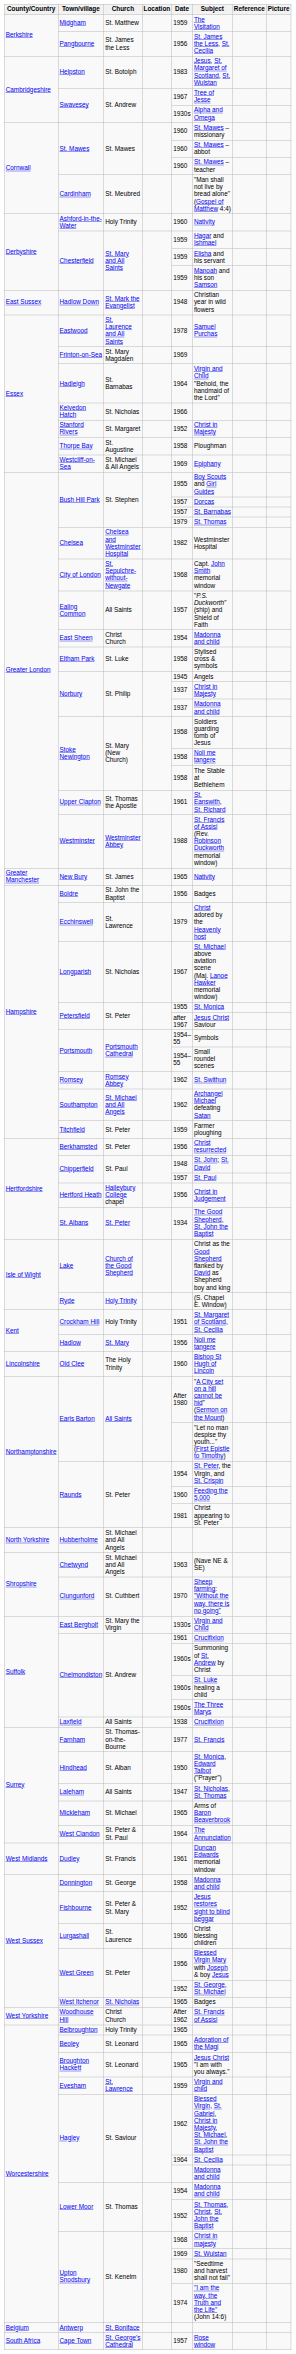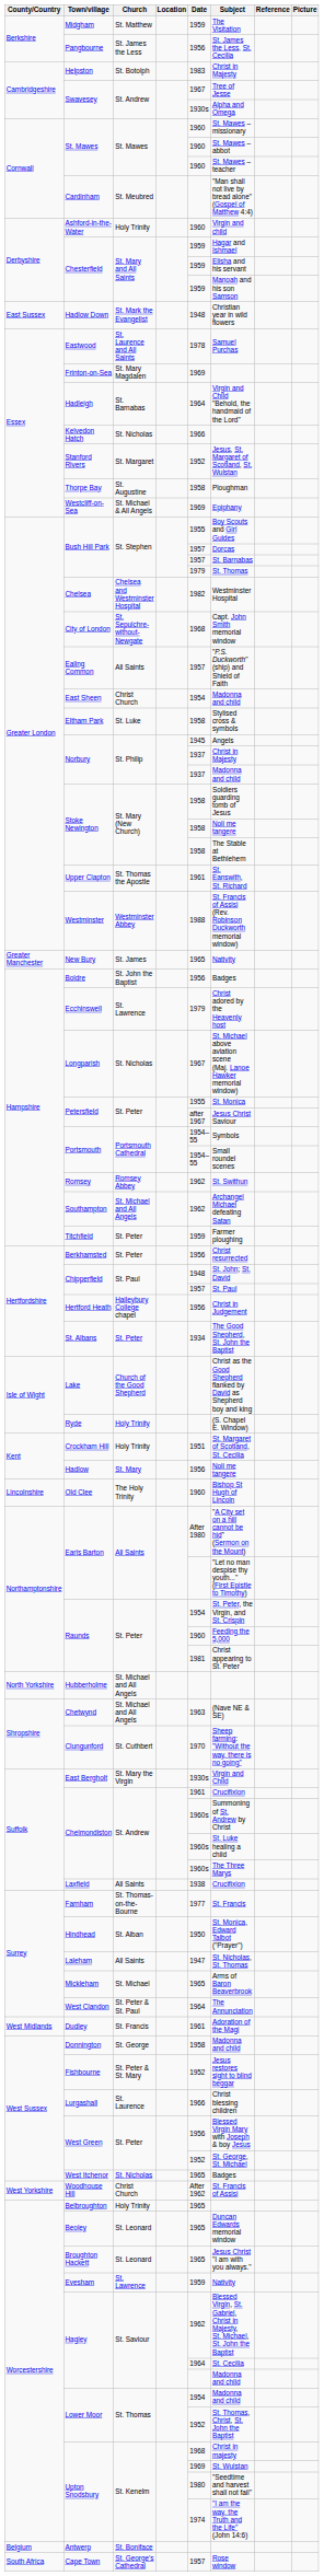 <table class="wikitable">
 <tr>
 <th>County/Country</th>
 <th>Town/village</th>
 <th>Church</th>
 <th>Location</th>
 <th>Date</th>
 <th>Subject</th>
 <th>Reference</th>
 <th>Picture</th>
 </tr>
 <tr>
 <td rowspan="2"><a href='#'>Berkshire</a></td>
 <td><a href='#'>Midgham</a></td>
 <td>St. Matthew</td>
 <td></td>
 <td>1959</td>
 <td><a href='#'>The Visitation</a></td>
 <td></td>
 <td></td>
 </tr>
 <tr>
 <td><a href='#'>Pangbourne</a></td>
 <td>St. James the Less</td>
 <td></td>
 <td>1956</td>
 <td><a href='#'>St. James the Less</a>, <a href='#'>St. Cecilia</a></td>
 <td></td>
 <td> </td>
 </tr>
 <tr>
 <td rowspan="3"><a href='#'>Cambridgeshire</a></td>
 <td><a href='#'>Helpston</a></td>
 <td>St. Botolph</td>
 <td></td>
 <td>1983</td>
-<td><a href='#'>Jesus</a>, <a href='#'>St. Margaret of Scotland</a>, <a href='#'>St. Wulstan</a></td>
+<td><a href='#'>Christ in Majesty</a></td>
 <td></td>
 <td></td>
 </tr>
 <tr>
 <td rowspan="2"><a href='#'>Swavesey</a></td>
 <td rowspan="2">St. Andrew</td>
 <td rowspan="2"></td>
 <td>1967</td>
 <td><a href='#'>Tree of Jesse</a></td>
 <td></td>
 <td></td>
 </tr>
 <tr>
 <td>1930s</td>
 <td><a href='#'>Alpha and Omega</a></td>
 <td></td>
 <td></td>
 </tr>
 <tr>
 <td rowspan="4"><a href='#'>Cornwall</a></td>
 <td rowspan="3"><a href='#'>St. Mawes</a></td>
 <td rowspan="3">St. Mawes</td>
 <td rowspan="3"></td>
 <td>1960</td>
 <td><a href='#'>St. Mawes</a> – missionary</td>
 <td></td>
 <td></td>
 </tr>
 <tr>
 <td>1960</td>
 <td><a href='#'>St. Mawes</a> – abbot</td>
 <td></td>
 <td></td>
 </tr>
 <tr>
 <td>1960</td>
 <td><a href='#'>St. Mawes</a> – teacher</td>
 <td></td>
 <td></td>
 </tr>
 <tr>
 <td><a href='#'>Cardinham</a></td>
 <td>St. Meubred</td>
 <td></td>
 <td></td>
 <td>"Man shall not live by bread alone"  (<a href='#'>Gospel of Matthew</a> 4:4)</td>
 <td></td>
 <td></td>
 </tr>
 <tr>
 <td rowspan="4"><a href='#'>Derbyshire</a></td>
 <td><a href='#'>Ashford-in-the-Water</a></td>
 <td>Holy Trinity</td>
 <td></td>
 <td>1960</td>
-<td><a href='#'>Nativity</a></td>
+<td><a href='#'>Virgin and child</a></td>
 <td></td>
 <td></td>
 </tr>
 <tr>
 <td rowspan="3"><a href='#'>Chesterfield</a></td>
 <td rowspan="3"><a href='#'>St. Mary and All Saints</a></td>
 <td rowspan="3"></td>
 <td>1959</td>
 <td><a href='#'>Hagar</a> and <a href='#'>Ishmael</a></td>
 <td></td>
 <td></td>
 </tr>
 <tr>
 <td>1959</td>
 <td><a href='#'>Elisha</a> and his servant</td>
 <td></td>
 <td></td>
 </tr>
 <tr>
 <td>1959</td>
 <td><a href='#'>Manoah</a> and his son <a href='#'>Samson</a></td>
 <td></td>
 <td></td>
 </tr>
 <tr>
 <td><a href='#'>East Sussex</a></td>
 <td><a href='#'>Hadlow Down</a></td>
 <td><a href='#'>St. Mark the Evangelist</a></td>
 <td></td>
 <td>1948</td>
 <td>Christian year in wild flowers</td>
 <td></td>
 <td></td>
 </tr>
 <tr>
 <td rowspan="7"><a href='#'>Essex</a></td>
 <td><a href='#'>Eastwood</a></td>
 <td><a href='#'>St. Laurence and All Saints</a></td>
 <td></td>
 <td>1978</td>
 <td><a href='#'>Samuel Purchas</a></td>
 <td></td>
 <td></td>
 </tr>
 <tr>
 <td><a href='#'>Frinton-on-Sea</a></td>
 <td>St. Mary Magdalen</td>
 <td></td>
 <td>1969</td>
 <td></td>
 <td></td>
 <td></td>
 </tr>
 <tr>
 <td><a href='#'>Hadleigh</a></td>
 <td>St. Barnabas</td>
 <td></td>
 <td>1964</td>
 <td><a href='#'>Virgin and Child</a> "Behold, the handmaid of the Lord"</td>
 <td></td>
 <td></td>
 </tr>
 <tr>
 <td><a href='#'>Kelvedon Hatch</a></td>
 <td>St. Nicholas</td>
 <td></td>
 <td>1966</td>
 <td></td>
 <td></td>
 <td></td>
 </tr>
 <tr>
 <td><a href='#'>Stanford Rivers</a></td>
 <td>St. Margaret</td>
 <td></td>
 <td>1952</td>
-<td><a href='#'>Christ in Majesty</a></td>
+<td><a href='#'>Jesus</a>, <a href='#'>St. Margaret of Scotland</a>, <a href='#'>St. Wulstan</a></td>
 <td></td>
 <td></td>
 </tr>
 <tr>
 <td><a href='#'>Thorpe Bay</a></td>
 <td>St. Augustine</td>
 <td></td>
 <td>1958</td>
 <td>Ploughman</td>
 <td></td>
 <td></td>
 </tr>
 <tr>
 <td><a href='#'>Westcliff-on-Sea</a></td>
 <td>St. Michael & All Angels</td>
 <td></td>
 <td>1969</td>
 <td><a href='#'>Epiphany</a></td>
 <td></td>
 <td></td>
 </tr>
 <tr>
 <td rowspan="17"><a href='#'>Greater London</a></td>
 <td rowspan="4"><a href='#'>Bush Hill Park</a></td>
 <td rowspan="4">St. Stephen</td>
 <td rowspan="4"></td>
 <td>1955</td>
 <td><a href='#'>Boy Scouts</a> and <a href='#'>Girl Guides</a></td>
 <td></td>
 <td></td>
 </tr>
 <tr>
 <td>1957</td>
 <td><a href='#'>Dorcas</a></td>
 <td></td>
 <td></td>
 </tr>
 <tr>
 <td>1957</td>
 <td><a href='#'>St. Barnabas</a></td>
 <td></td>
 <td></td>
 </tr>
 <tr>
 <td>1979</td>
 <td><a href='#'>St. Thomas</a></td>
 <td></td>
 <td></td>
 </tr>
 <tr>
 <td><a href='#'>Chelsea</a></td>
 <td><a href='#'>Chelsea and Westminster Hospital</a></td>
 <td></td>
 <td>1982</td>
 <td>Westminster Hospital</td>
 <td></td>
 <td></td>
 </tr>
 <tr>
 <td><a href='#'>City of London</a></td>
 <td><a href='#'>St. Sepulchre-without-Newgate</a></td>
 <td></td>
 <td>1968</td>
 <td>Capt. <a href='#'>John Smith</a> memorial window</td>
 <td></td>
 <td></td>
 </tr>
 <tr>
 <td><a href='#'>Ealing Common</a></td>
 <td>All Saints</td>
 <td></td>
 <td>1957</td>
 <td>"<em>P.S. Duckworth</em>" (ship) and Shield of Faith</td>
 <td></td>
 <td></td>
 </tr>
 <tr>
 <td><a href='#'>East Sheen</a></td>
 <td>Christ Church</td>
 <td></td>
 <td>1954</td>
 <td><a href='#'>Madonna and child</a></td>
 <td></td>
 <td></td>
 </tr>
 <tr>
 <td><a href='#'>Eltham Park</a></td>
 <td>St. Luke</td>
 <td></td>
 <td>1958</td>
 <td>Stylised cross & symbols</td>
 <td></td>
 <td></td>
 </tr>
 <tr>
 <td rowspan="3"><a href='#'>Norbury</a></td>
 <td rowspan="3">St. Philip</td>
 <td rowspan="3"></td>
 <td>1945</td>
 <td>Angels</td>
 <td></td>
 <td></td>
 </tr>
 <tr>
 <td>1937</td>
 <td><a href='#'>Christ in Majesty</a></td>
 <td></td>
 <td></td>
 </tr>
 <tr>
 <td>1937</td>
 <td><a href='#'>Madonna and child</a></td>
 <td></td>
 <td></td>
 </tr>
 <tr>
 <td rowspan="3"><a href='#'>Stoke Newington</a></td>
 <td rowspan="3">St. Mary (New Church)</td>
 <td rowspan="3"></td>
 <td>1958</td>
 <td>Soldiers guarding tomb of Jesus</td>
 <td></td>
 <td></td>
 </tr>
 <tr>
 <td>1958</td>
 <td><a href='#'>Noli me tangere</a></td>
 <td></td>
 <td></td>
 </tr>
 <tr>
 <td>1958</td>
 <td>The Stable at Bethlehem</td>
 <td></td>
 <td></td>
 </tr>
 <tr>
 <td><a href='#'>Upper Clapton</a></td>
 <td>St. Thomas the Apostle</td>
 <td></td>
 <td>1961</td>
 <td><a href='#'>St. Eanswith</a>, <a href='#'>St. Richard</a></td>
 <td></td>
 <td></td>
 </tr>
 <tr>
 <td><a href='#'>Westminster</a></td>
 <td><a href='#'>Westminster Abbey</a></td>
 <td></td>
 <td>1988</td>
 <td><a href='#'>St. Francis of Assisi</a><br>(Rev. <a href='#'>Robinson Duckworth</a> memorial window)</td>
 <td></td>
 <td></td>
 </tr>
 <tr>
 <td><a href='#'>Greater Manchester</a></td>
 <td><a href='#'>New Bury</a></td>
 <td>St. James</td>
 <td></td>
 <td>1965</td>
 <td><a href='#'>Nativity</a></td>
 <td></td>
 <td></td>
 </tr>
 <tr>
 <td rowspan="10"><a href='#'>Hampshire</a></td>
 <td><a href='#'>Boldre</a></td>
 <td>St. John the Baptist</td>
 <td></td>
 <td>1956</td>
 <td>Badges</td>
 <td></td>
 <td></td>
 </tr>
 <tr>
 <td><a href='#'>Ecchinswell</a></td>
 <td>St. Lawrence</td>
 <td></td>
 <td>1979</td>
 <td><a href='#'>Christ</a> adored by the <a href='#'>Heavenly host</a></td>
 <td></td>
 <td></td>
 </tr>
 <tr>
 <td><a href='#'>Longparish</a></td>
 <td>St. Nicholas</td>
 <td></td>
 <td>1967</td>
 <td><a href='#'>St. Michael</a> above aviation scene<br>(Maj. <a href='#'>Lanoe Hawker</a> memorial window)</td>
 <td></td>
 <td></td>
 </tr>
 <tr>
 <td rowspan="2"><a href='#'>Petersfield</a></td>
 <td rowspan="2">St. Peter</td>
 <td rowspan="2"></td>
 <td>1955</td>
 <td><a href='#'>St. Monica</a></td>
 <td></td>
 <td></td>
 </tr>
 <tr>
 <td>after 1967</td>
 <td><a href='#'>Jesus Christ</a> Saviour</td>
 <td></td>
 <td></td>
 </tr>
 <tr>
 <td rowspan="2"><a href='#'>Portsmouth</a></td>
 <td rowspan="2"><a href='#'>Portsmouth Cathedral</a></td>
 <td rowspan="2"></td>
 <td>1954–55</td>
 <td>Symbols</td>
 <td></td>
 <td></td>
 </tr>
 <tr>
 <td>1954–55</td>
 <td>Small roundel scenes</td>
 <td></td>
 <td></td>
 </tr>
 <tr>
 <td><a href='#'>Romsey</a></td>
 <td><a href='#'>Romsey Abbey</a></td>
 <td></td>
 <td>1962</td>
 <td><a href='#'>St. Swithun</a></td>
 <td></td>
 <td></td>
 </tr>
 <tr>
 <td><a href='#'>Southampton</a></td>
 <td><a href='#'>St. Michael and All Angels</a></td>
 <td></td>
 <td>1962</td>
 <td><a href='#'>Archangel Michael</a> defeating <a href='#'>Satan</a></td>
 <td></td>
 <td></td>
 </tr>
 <tr>
 <td><a href='#'>Titchfield</a></td>
 <td>St. Peter</td>
 <td></td>
 <td>1959</td>
 <td>Farmer ploughing</td>
 <td></td>
 <td></td>
 </tr>
 <tr>
 <td rowspan="5"><a href='#'>Hertfordshire</a></td>
 <td><a href='#'>Berkhamsted</a></td>
 <td>St. Peter</td>
 <td></td>
 <td>1956</td>
 <td><a href='#'>Christ resurrected</a></td>
 <td></td>
 <td></td>
 </tr>
 <tr>
 <td rowspan="2"><a href='#'>Chipperfield</a></td>
 <td rowspan="2">St. Paul</td>
 <td rowspan="2"></td>
 <td>1948</td>
 <td><a href='#'>St. John</a>; <a href='#'>St. David</a></td>
 <td></td>
 <td></td>
 </tr>
 <tr>
 <td>1957</td>
 <td><a href='#'>St. Paul</a></td>
 <td></td>
 <td></td>
 </tr>
 <tr>
 <td><a href='#'>Hertford Heath</a></td>
 <td><a href='#'>Haileybury College</a> chapel</td>
 <td></td>
 <td>1956</td>
 <td><a href='#'>Christ in Judgement</a></td>
 <td></td>
 <td></td>
 </tr>
 <tr>
 <td><a href='#'>St. Albans</a></td>
 <td><a href='#'>St. Peter</a></td>
 <td></td>
 <td>1934</td>
 <td><a href='#'>The Good Shepherd</a>, <a href='#'>St. John the Baptist</a></td>
 <td></td>
 <td></td>
 </tr>
 <tr>
 <td rowspan="2"><a href='#'>Isle of Wight</a></td>
 <td><a href='#'>Lake</a></td>
 <td><a href='#'>Church of the Good Shepherd</a></td>
 <td></td>
 <td></td>
 <td>Christ as the <a href='#'>Good Shepherd</a> flanked by <a href='#'>David</a> as Shepherd boy and king</td>
 <td></td>
 <td></td>
 </tr>
 <tr>
 <td><a href='#'>Ryde</a></td>
 <td><a href='#'>Holy Trinity</a></td>
 <td></td>
 <td></td>
 <td>(S. Chapel E. Window)</td>
 <td></td>
 <td></td>
 </tr>
 <tr>
 <td rowspan="2"><a href='#'>Kent</a></td>
 <td><a href='#'>Crockham Hill</a></td>
 <td>Holy Trinity</td>
 <td></td>
 <td>1951</td>
 <td><a href='#'>St. Margaret of Scotland</a>, <a href='#'>St. Cecilia</a></td>
 <td></td>
 <td> </td>
 </tr>
 <tr>
 <td><a href='#'>Hadlow</a></td>
 <td><a href='#'>St. Mary</a></td>
 <td></td>
 <td>1956</td>
 <td><a href='#'>Noli me tangere</a></td>
 <td></td>
 <td></td>
 </tr>
 <tr>
 <td><a href='#'>Lincolnshire</a></td>
 <td><a href='#'>Old Clee</a></td>
 <td>The Holy Trinity</td>
 <td></td>
 <td>1960</td>
 <td><a href='#'>Bishop St Hugh of Lincoln</a></td>
 <td></td>
 <td></td>
 </tr>
 <tr>
 <td rowspan="5"><a href='#'>Northamptonshire</a></td>
 <td rowspan="2"><a href='#'>Earls Barton</a></td>
 <td rowspan="2"><a href='#'>All Saints</a></td>
 <td rowspan="2"></td>
 <td>After 1980</td>
 <td>"<a href='#'>A City set on a hill cannot be hid</a>" (<a href='#'>Sermon on the Mount</a>)</td>
 <td></td>
 <td></td>
 </tr>
 <tr>
 <td></td>
 <td>"Let no man despise thy youth..." (<a href='#'>First Epistle to Timothy</a>)</td>
 <td></td>
 <td> </td>
 </tr>
 <tr>
 <td rowspan="3"><a href='#'>Raunds</a></td>
 <td rowspan="3">St. Peter</td>
 <td rowspan="3"></td>
 <td>1954</td>
 <td><a href='#'>St. Peter</a>, the Virgin, and <a href='#'>St. Crispin</a></td>
 <td></td>
 <td></td>
 </tr>
 <tr>
 <td>1960</td>
 <td><a href='#'>Feeding the 5,000</a></td>
 <td></td>
 <td></td>
 </tr>
 <tr>
 <td>1981</td>
 <td>Christ appearing to St. Peter</td>
 <td></td>
 <td></td>
 </tr>
 <tr>
 <td><a href='#'>North Yorkshire</a></td>
 <td><a href='#'>Hubberholme</a></td>
 <td>St. Michael and All Angels</td>
 <td></td>
 <td></td>
 <td></td>
 <td></td>
 <td></td>
 </tr>
 <tr>
 <td rowspan="2"><a href='#'>Shropshire</a></td>
 <td><a href='#'>Chetwynd</a></td>
 <td>St. Michael and All Angels</td>
 <td></td>
 <td>1963</td>
 <td>(Nave NE & SE)</td>
 <td></td>
 <td></td>
 </tr>
 <tr>
 <td><a href='#'>Clungunford</a></td>
 <td>St. Cuthbert</td>
 <td></td>
 <td>1970</td>
 <td><a href='#'>Sheep farming</a>: <a href='#'>"Without the way, there is no going"</a></td>
 <td></td>
 <td></td>
 </tr>
 <tr>
 <td rowspan="6"><a href='#'>Suffolk</a></td>
 <td><a href='#'>East Bergholt</a></td>
 <td>St. Mary the Virgin</td>
 <td></td>
 <td>1930s</td>
 <td><a href='#'>Virgin and Child</a></td>
 <td></td>
 <td></td>
 </tr>
 <tr>
 <td rowspan="4"><a href='#'>Chelmondiston</a></td>
 <td rowspan="4">St. Andrew</td>
 <td rowspan="4"></td>
 <td>1961</td>
 <td><a href='#'>Crucifixion</a></td>
 <td></td>
 <td> </td>
 </tr>
 <tr>
 <td>1960s</td>
 <td>Summoning of <a href='#'>St. Andrew</a> by Christ</td>
 <td></td>
 <td></td>
 </tr>
 <tr>
 <td>1960s</td>
 <td><a href='#'>St. Luke</a> healing a child</td>
 <td></td>
 <td></td>
 </tr>
 <tr>
 <td>1960s</td>
 <td><a href='#'>The Three Marys</a></td>
 <td></td>
 <td></td>
 </tr>
 <tr>
 <td><a href='#'>Laxfield</a></td>
 <td>All Saints</td>
 <td></td>
 <td>1938</td>
 <td><a href='#'>Crucifixion</a></td>
 <td></td>
 <td></td>
 </tr>
 <tr>
 <td rowspan="5"><a href='#'>Surrey</a></td>
 <td><a href='#'>Farnham</a></td>
 <td>St. Thomas-on-the-Bourne</td>
 <td></td>
 <td>1977</td>
 <td><a href='#'>St. Francis</a></td>
 <td></td>
 <td></td>
 </tr>
 <tr>
 <td><a href='#'>Hindhead</a></td>
 <td>St. Alban</td>
 <td></td>
 <td>1950</td>
 <td><a href='#'>St. Monica</a>, <a href='#'>Edward Talbot</a> ("Prayer")</td>
 <td></td>
 <td></td>
 </tr>
 <tr>
 <td><a href='#'>Laleham</a></td>
 <td>All Saints</td>
 <td></td>
 <td>1947</td>
 <td><a href='#'>St. Nicholas</a>, <a href='#'>St. Thomas</a></td>
 <td></td>
 <td></td>
 </tr>
 <tr>
 <td><a href='#'>Mickleham</a></td>
 <td>St. Michael</td>
 <td></td>
 <td>1965</td>
 <td>Arms of <a href='#'>Baron Beaverbrook</a></td>
 <td></td>
 <td></td>
 </tr>
 <tr>
 <td><a href='#'>West Clandon</a></td>
 <td>St. Peter & St. Paul</td>
 <td></td>
 <td>1964</td>
 <td><a href='#'>The Annunciation</a></td>
 <td></td>
 <td></td>
 </tr>
 <tr>
 <td><a href='#'>West Midlands</a></td>
 <td><a href='#'>Dudley</a></td>
 <td>St. Francis</td>
 <td></td>
 <td>1961</td>
-<td><a href='#'>Duncan Edwards</a> memorial window</td>
+<td><a href='#'>Adoration of the Magi</a></td>
 <td></td>
 <td></td>
 </tr>
 <tr>
 <td rowspan="6"><a href='#'>West Sussex</a></td>
 <td><a href='#'>Donnington</a></td>
 <td>St. George</td>
 <td></td>
 <td>1958</td>
 <td><a href='#'>Madonna and child</a></td>
 <td></td>
 <td></td>
 </tr>
 <tr>
 <td><a href='#'>Fishbourne</a></td>
 <td>St. Peter & St. Mary</td>
 <td></td>
 <td>1952</td>
 <td><a href='#'>Jesus restores sight to blind beggar</a></td>
 <td></td>
 <td></td>
 </tr>
 <tr>
 <td><a href='#'>Lurgashall</a></td>
 <td>St. Laurence</td>
 <td></td>
 <td>1966</td>
 <td>Christ blessing children</td>
 <td></td>
 <td></td>
 </tr>
 <tr>
 <td rowspan="2"><a href='#'>West Green</a></td>
 <td rowspan="2">St. Peter</td>
 <td rowspan="2"></td>
 <td>1956</td>
 <td><a href='#'>Blessed Virgin Mary</a> with <a href='#'>Joseph</a> & boy <a href='#'>Jesus</a></td>
 <td></td>
 <td></td>
 </tr>
 <tr>
 <td>1952</td>
 <td><a href='#'>St. George</a>, <a href='#'>St. Michael</a></td>
 <td></td>
 <td></td>
 </tr>
 <tr>
 <td><a href='#'>West Itchenor</a></td>
 <td><a href='#'>St. Nicholas</a></td>
 <td></td>
 <td>1965</td>
 <td>Badges</td>
 <td></td>
 <td></td>
 </tr>
 <tr>
 <td><a href='#'>West Yorkshire</a></td>
 <td><a href='#'>Woodhouse Hill</a></td>
 <td>Christ Church</td>
 <td></td>
 <td>After 1962</td>
 <td><a href='#'>St. Francis of Assisi</a></td>
 <td></td>
 <td></td>
 </tr>
 <tr>
 <td rowspan="13"><a href='#'>Worcestershire</a></td>
 <td><a href='#'>Belbroughton</a></td>
 <td>Holy Trinity</td>
 <td></td>
 <td>1965</td>
 <td></td>
 <td></td>
 <td></td>
 </tr>
 <tr>
 <td><a href='#'>Beoley</a></td>
 <td>St. Leonard</td>
 <td></td>
 <td>1965</td>
-<td><a href='#'>Adoration of the Magi</a></td>
+<td><a href='#'>Duncan Edwards</a> memorial window</td>
 <td></td>
 <td></td>
 </tr>
 <tr>
 <td><a href='#'>Broughton Hackett</a></td>
 <td>St. Leonard</td>
 <td></td>
 <td>1965</td>
 <td><a href='#'>Jesus Christ</a> "I am with you always."</td>
 <td></td>
 <td> </td>
 </tr>
 <tr>
 <td><a href='#'>Evesham</a></td>
 <td><a href='#'>St. Lawrence</a></td>
 <td></td>
 <td>1959</td>
-<td><a href='#'>Virgin and child</a></td>
+<td><a href='#'>Nativity</a></td>
 <td></td>
 <td></td>
 </tr>
 <tr>
 <td rowspan="3"><a href='#'>Hagley</a></td>
 <td rowspan="3">St. Saviour</td>
 <td rowspan="3"></td>
 <td>1962</td>
 <td><a href='#'>Blessed Virgin</a>, <a href='#'>St. Gabriel</a>, <a href='#'>Christ in Majesty</a>,<br><a href='#'>St. Michael</a>, <a href='#'>St. John the Baptist</a></td>
 <td></td>
 <td> </td>
 </tr>
 <tr>
 <td>1964</td>
 <td><a href='#'>St. Cecilia</a></td>
 <td></td>
 <td></td>
 </tr>
 <tr>
 <td></td>
 <td><a href='#'>Madonna and child</a></td>
 <td></td>
 <td></td>
 </tr>
 <tr>
 <td rowspan="2"><a href='#'>Lower Moor</a></td>
 <td rowspan="2">St. Thomas</td>
 <td rowspan="2"></td>
 <td>1954</td>
 <td><a href='#'>Madonna and child</a></td>
 <td></td>
 <td></td>
 </tr>
 <tr>
 <td>1952</td>
 <td><a href='#'>St. Thomas</a>, <a href='#'>Christ</a>, <a href='#'>St. John the Baptist</a></td>
 <td></td>
 <td></td>
 </tr>
 <tr>
 <td rowspan="4"><a href='#'>Upton Snodsbury</a></td>
 <td rowspan="4">St. Kenelm</td>
 <td rowspan="4"></td>
 <td>1968</td>
 <td><a href='#'>Christ in majesty</a></td>
 <td></td>
 <td></td>
 </tr>
 <tr>
 <td>1969</td>
 <td><a href='#'>St. Wulstan</a></td>
 <td></td>
 <td></td>
 </tr>
 <tr>
 <td>1980</td>
 <td>"Seedtime and harvest shall not fail"</td>
 <td></td>
 <td></td>
 </tr>
 <tr>
 <td>1974</td>
 <td><a href='#'>"I am the way, the Truth and the Life"</a> (John 14:6)</td>
 <td></td>
 <td></td>
 </tr>
 <tr>
 <td><a href='#'>Belgium</a></td>
 <td><a href='#'>Antwerp</a></td>
 <td><a href='#'>St. Boniface</a></td>
 <td></td>
 <td></td>
 <td></td>
 <td></td>
 <td></td>
 </tr>
 <tr>
 <td><a href='#'>South Africa</a></td>
 <td><a href='#'>Cape Town</a></td>
 <td><a href='#'>St. George's Cathedral</a></td>
 <td></td>
 <td>1957</td>
 <td><a href='#'>Rose window</a></td>
 <td></td>
 <td></td>
 </tr>
 </table>
